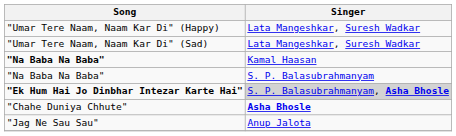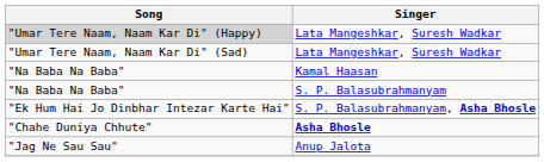 <table class="wikitable" style="font-size:92%">
 <tr>
 <th>Song</th>
 <th>Singer</th>
 </tr>
 <tr>
-<td>"Umar Tere Naam, Naam Kar Di" (Happy)</td>
+<td style="background: lightgrey;">"Umar Tere Naam, Naam Kar Di" (Happy)</td>
 <td><a href='#'>Lata Mangeshkar</a>, <a href='#'>Suresh Wadkar</a></td>
 </tr>
 <tr>
 <td>"Umar Tere Naam, Naam Kar Di" (Sad)</td>
 <td><a href='#'>Lata Mangeshkar</a>, <a href='#'>Suresh Wadkar</a></td>
 </tr>
 <tr>
-<td><strong>"Na Baba Na Baba"</strong></td>
+<td>"Na Baba Na Baba"</td>
 <td><a href='#'>Kamal Haasan</a></td>
 </tr>
 <tr>
 <td>"Na Baba Na Baba"</td>
 <td><a href='#'>S. P. Balasubrahmanyam</a></td>
 </tr>
 <tr>
-<td><strong>"Ek Hum Hai Jo Dinbhar Intezar Karte Hai"</strong></td>
-<td style="background: lightgrey;"><a href='#'>S. P. Balasubrahmanyam</a>, <strong><a href='#'>Asha Bhosle</a></strong></td>
+<td>"Ek Hum Hai Jo Dinbhar Intezar Karte Hai"</td>
+<td><a href='#'>S. P. Balasubrahmanyam</a>, <strong><a href='#'>Asha Bhosle</a></strong></td>
 </tr>
 <tr>
 <td>"Chahe Duniya Chhute"</td>
 <td><strong><a href='#'>Asha Bhosle</a></strong></td>
 </tr>
 <tr>
 <td>"Jag Ne Sau Sau"</td>
 <td><a href='#'>Anup Jalota</a></td>
 </tr>
 <tr>
 </tr>
 </table>
